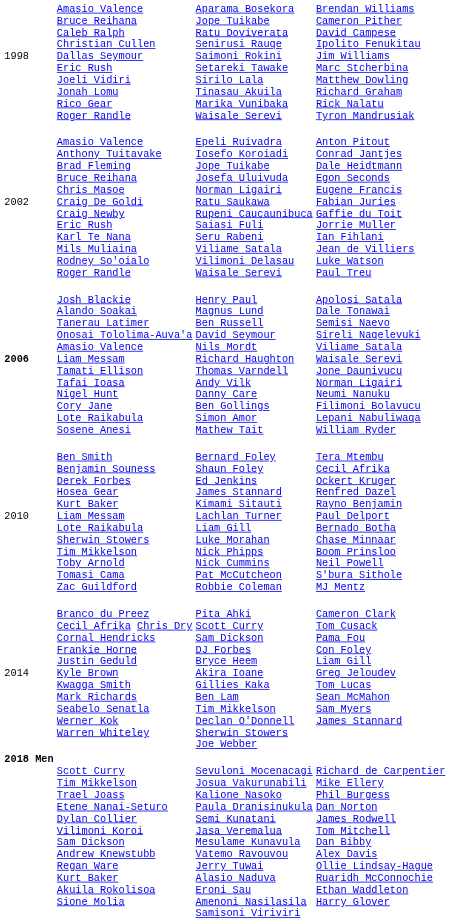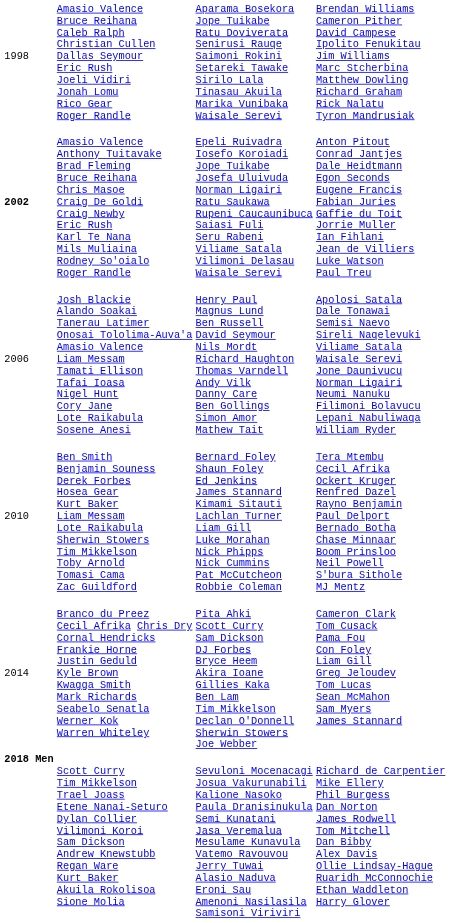 <table>
 <tr>
 <td>1998<br></td>
 <td><br><a href='#'>Amasio Valence</a><br><a href='#'>Bruce Reihana</a><br><a href='#'>Caleb Ralph</a><br><a href='#'>Christian Cullen</a><br><a href='#'>Dallas Seymour</a><br><a href='#'>Eric Rush</a><br><a href='#'>Joeli Vidiri</a><br><a href='#'>Jonah Lomu</a><br><a href='#'>Rico Gear</a><br><a href='#'>Roger Randle</a></td>
 <td><br><a href='#'>Aparama Bosekora</a><br><a href='#'>Jope Tuikabe</a><br><a href='#'>Ratu Doviverata</a><br><a href='#'>Senirusi Rauqe</a><br><a href='#'>Saimoni Rokini</a><br><a href='#'>Setareki Tawake</a><br><a href='#'>Sirilo Lala</a><br><a href='#'>Tinasau Akuila</a><br><a href='#'>Marika Vunibaka</a><br><a href='#'>Waisale Serevi</a></td>
 <td><br><a href='#'>Brendan Williams</a><br><a href='#'>Cameron Pither</a><br><a href='#'>David Campese</a><br><a href='#'>Ipolito Fenukitau</a><br><a href='#'>Jim Williams</a><br><a href='#'>Marc Stcherbina</a><br><a href='#'>Matthew Dowling</a><br><a href='#'>Richard Graham</a><br><a href='#'>Rick Nalatu</a><br><a href='#'>Tyron Mandrusiak</a></td>
 </tr>
 <tr>
-<td>2002<br></td>
+<td><strong>2002<br></strong></td>
 <td><br><a href='#'>Amasio Valence</a><br><a href='#'>Anthony Tuitavake</a><br><a href='#'>Brad Fleming</a><br><a href='#'>Bruce Reihana</a><br><a href='#'>Chris Masoe</a><br><a href='#'>Craig De Goldi</a><br><a href='#'>Craig Newby</a><br><a href='#'>Eric Rush</a><br><a href='#'>Karl Te Nana</a><br><a href='#'>Mils Muliaina</a><br><a href='#'>Rodney So'oialo</a><br><a href='#'>Roger Randle</a></td>
 <td><br><a href='#'>Epeli Ruivadra</a><br><a href='#'>Iosefo Koroiadi</a><br><a href='#'>Jope Tuikabe</a><br><a href='#'>Josefa Uluivuda</a><br><a href='#'>Norman Ligairi</a><br><a href='#'>Ratu Saukawa</a><br><a href='#'>Rupeni Caucaunibuca</a><br><a href='#'>Saiasi Fuli</a><br><a href='#'>Seru Rabeni</a><br><a href='#'>Viliame Satala</a><br><a href='#'>Vilimoni Delasau</a><br><a href='#'>Waisale Serevi</a></td>
 <td><br><a href='#'>Anton Pitout</a><br><a href='#'>Conrad Jantjes</a><br><a href='#'>Dale Heidtmann</a><br><a href='#'>Egon Seconds</a><br><a href='#'>Eugene Francis</a><br><a href='#'>Fabian Juries</a><br><a href='#'>Gaffie du Toit</a><br><a href='#'>Jorrie Muller</a><br><a href='#'>Ian Fihlani</a><br><a href='#'>Jean de Villiers</a><br><a href='#'>Luke Watson</a><br><a href='#'>Paul Treu</a></td>
 </tr>
 <tr>
-<td><strong>2006<br></strong></td>
+<td>2006<br></td>
 <td><br><a href='#'>Josh Blackie</a><br><a href='#'>Alando Soakai</a><br><a href='#'>Tanerau Latimer</a><br><a href='#'>Onosai Tololima-Auva'a</a><br><a href='#'>Amasio Valence</a><br><a href='#'>Liam Messam</a><br><a href='#'>Tamati Ellison</a><br><a href='#'>Tafai Ioasa</a><br><a href='#'>Nigel Hunt</a><br><a href='#'>Cory Jane</a><br><a href='#'>Lote Raikabula</a><br><a href='#'>Sosene Anesi</a></td>
 <td><br><a href='#'>Henry Paul</a><br><a href='#'>Magnus Lund</a><br><a href='#'>Ben Russell</a><br><a href='#'>David Seymour</a><br><a href='#'>Nils Mordt</a><br><a href='#'>Richard Haughton</a><br><a href='#'>Thomas Varndell</a><br><a href='#'>Andy Vilk</a><br><a href='#'>Danny Care</a><br><a href='#'>Ben Gollings</a><br><a href='#'>Simon Amor</a><br><a href='#'>Mathew Tait</a></td>
 <td><br><a href='#'>Apolosi Satala</a><br><a href='#'>Dale Tonawai</a><br><a href='#'>Semisi Naevo</a><br><a href='#'>Sireli Naqelevuki</a><br><a href='#'>Viliame Satala</a><br><a href='#'>Waisale Serevi</a><br><a href='#'>Jone Daunivucu</a><br><a href='#'>Norman Ligairi</a><br><a href='#'>Neumi Nanuku</a><br><a href='#'>Filimoni Bolavucu</a><br><a href='#'>Lepani Nabuliwaqa</a><br><a href='#'>William Ryder</a></td>
 </tr>
 <tr>
 <td>2010<br></td>
 <td valign=top><br><a href='#'>Ben Smith</a><br><a href='#'>Benjamin Souness</a><br><a href='#'>Derek Forbes</a><br><a href='#'>Hosea Gear</a><br><a href='#'>Kurt Baker</a><br><a href='#'>Liam Messam</a><br><a href='#'>Lote Raikabula</a><br><a href='#'>Sherwin Stowers</a><br><a href='#'>Tim Mikkelson</a><br><a href='#'>Toby Arnold</a><br><a href='#'>Tomasi Cama</a><br><a href='#'>Zac Guildford</a></td>
 <td><br><a href='#'>Bernard Foley</a><br><a href='#'>Shaun Foley</a><br><a href='#'>Ed Jenkins</a><br><a href='#'>James Stannard</a><br><a href='#'>Kimami Sitauti</a><br><a href='#'>Lachlan Turner</a><br><a href='#'>Liam Gill</a><br><a href='#'>Luke Morahan</a><br><a href='#'>Nick Phipps</a><br><a href='#'>Nick Cummins</a><br><a href='#'>Pat McCutcheon</a><br><a href='#'>Robbie Coleman</a></td>
 <td><br><a href='#'>Tera Mtembu</a><br><a href='#'>Cecil Afrika</a><br><a href='#'>Ockert Kruger</a><br><a href='#'>Renfred Dazel</a><br><a href='#'>Rayno Benjamin</a><br><a href='#'>Paul Delport</a><br><a href='#'>Bernado Botha</a><br><a href='#'>Chase Minnaar</a><br><a href='#'>Boom Prinsloo</a><br><a href='#'>Neil Powell</a><br><a href='#'>S'bura Sithole</a><br><a href='#'>MJ Mentz</a></td>
 </tr>
 <tr>
 <td>2014<br></td>
 <td valign=top><br><a href='#'>Branco du Preez</a><br><a href='#'>Cecil Afrika</a> <a href='#'>Chris Dry</a> <br><a href='#'>Cornal Hendricks</a><br><a href='#'>Frankie Horne</a><br><a href='#'>Justin Geduld</a><br><a href='#'>Kyle Brown</a><br><a href='#'>Kwagga Smith</a><br><a href='#'>Mark Richards</a><br><a href='#'>Seabelo Senatla</a><br><a href='#'>Werner Kok</a><br><a href='#'>Warren Whiteley</a></td>
 <td><br><a href='#'>Pita Ahki</a><br><a href='#'>Scott Curry</a><br><a href='#'>Sam Dickson</a><br><a href='#'>DJ Forbes</a><br><a href='#'>Bryce Heem</a><br><a href='#'>Akira Ioane</a><br><a href='#'>Gillies Kaka</a><br><a href='#'>Ben Lam</a><br><a href='#'>Tim Mikkelson</a><br><a href='#'>Declan O'Donnell</a><br><a href='#'>Sherwin Stowers</a><br><a href='#'>Joe Webber</a></td>
 <td valign=top><br><a href='#'>Cameron Clark</a><br><a href='#'>Tom Cusack</a><br><a href='#'>Pama Fou</a><br><a href='#'>Con Foley</a><br><a href='#'>Liam Gill</a><br><a href='#'>Greg Jeloudev</a><br><a href='#'>Tom Lucas</a><br><a href='#'>Sean McMahon</a><br><a href='#'>Sam Myers</a><br><a href='#'>James Stannard</a></td>
 </tr>
 <tr valign="top">
 <th scope=row>2018 Men<br></th>
 <td><br><a href='#'>Scott Curry</a><br><a href='#'>Tim Mikkelson</a><br><a href='#'>Trael Joass</a><br><a href='#'>Etene Nanai-Seturo</a><br><a href='#'>Dylan Collier</a><br><a href='#'>Vilimoni Koroi</a><br><a href='#'>Sam Dickson</a><br><a href='#'>Andrew Knewstubb</a><br><a href='#'>Regan Ware</a><br><a href='#'>Kurt Baker</a><br><a href='#'>Akuila Rokolisoa</a><br><a href='#'>Sione Molia</a></td>
 <td><br><a href='#'>Sevuloni Mocenacagi</a><br><a href='#'>Josua Vakurunabili</a><br><a href='#'>Kalione Nasoko</a><br><a href='#'>Paula Dranisinukula</a><br><a href='#'>Semi Kunatani</a><br><a href='#'>Jasa Veremalua</a><br><a href='#'>Mesulame Kunavula</a><br><a href='#'>Vatemo Ravouvou</a><br><a href='#'>Jerry Tuwai</a><br><a href='#'>Alasio Naduva</a><br><a href='#'>Eroni Sau</a><br><a href='#'>Amenoni Nasilasila</a><br><a href='#'>Samisoni Viriviri</a></td>
 <td><br><a href='#'>Richard de Carpentier</a><br><a href='#'>Mike Ellery</a><br><a href='#'>Phil Burgess</a><br><a href='#'>Dan Norton</a><br><a href='#'>James Rodwell</a><br><a href='#'>Tom Mitchell</a><br><a href='#'>Dan Bibby</a><br><a href='#'>Alex Davis</a><br><a href='#'>Ollie Lindsay-Hague</a><br><a href='#'>Ruaridh McConnochie</a><br><a href='#'>Ethan Waddleton</a><br><a href='#'>Harry Glover</a></td>
 </tr>
 </table>
